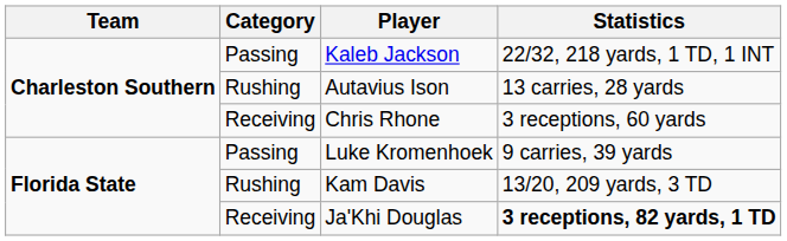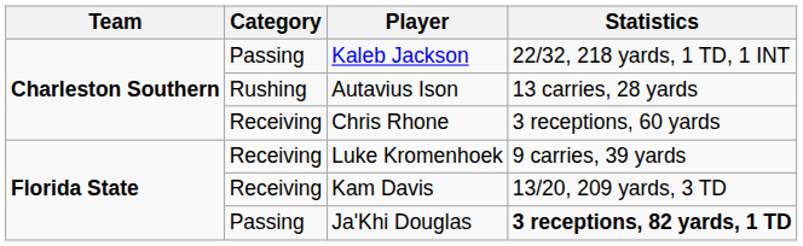 <table class="wikitable" style="float: right;">
 <tr>
 <th>Team</th>
 <th>Category</th>
 <th>Player</th>
 <th>Statistics</th>
 </tr>
 <tr>
 <td rowspan=3><strong>Charleston Southern</strong></td>
 <td>Passing</td>
 <td><a href='#'>Kaleb Jackson</a></td>
 <td>22/32, 218 yards, 1 TD, 1 INT</td>
 </tr>
 <tr>
 <td>Rushing</td>
 <td>Autavius Ison</td>
 <td>13 carries, 28 yards</td>
 </tr>
 <tr>
 <td>Receiving</td>
 <td>Chris Rhone</td>
 <td>3 receptions, 60 yards</td>
 </tr>
 <tr>
 <td rowspan=3><strong>Florida State</strong></td>
-<td>Passing</td>
+<td>Receiving</td>
 <td>Luke Kromenhoek</td>
 <td>9 carries, 39 yards</td>
 </tr>
 <tr>
-<td>Rushing</td>
+<td>Receiving</td>
 <td>Kam Davis</td>
 <td>13/20, 209 yards, 3 TD</td>
 </tr>
 <tr>
-<td>Receiving</td>
+<td>Passing</td>
 <td>Ja'Khi Douglas</td>
 <td><strong>3 receptions, 82 yards, 1 TD</strong></td>
 </tr>
 </table>
